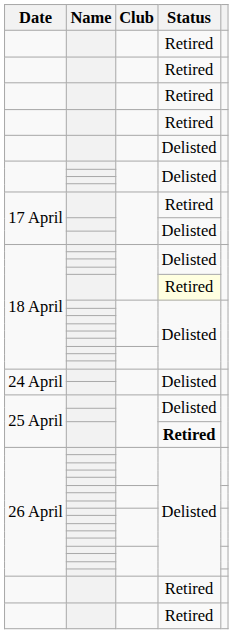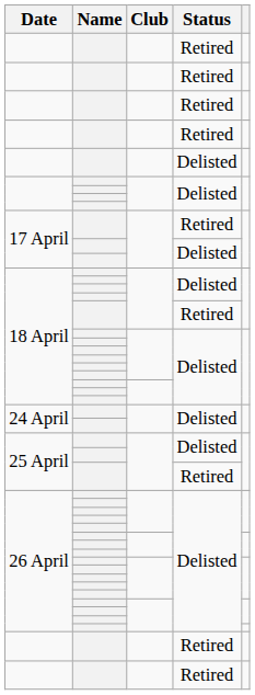 <table class="wikitable sortable plainrowheaders" style="text-align:center;">
 <tr>
 <th scope="col">Date</th>
 <th scope="col">Name</th>
 <th scope="col">Club</th>
 <th scope="col">Status</th>
 <th class="unsortable"></th>
 </tr>
 <tr>
 <td></td>
 <th scope="row"></th>
 <td></td>
 <td>Retired</td>
 <td></td>
 </tr>
 <tr>
 <td></td>
 <th scope="row"></th>
 <td></td>
 <td>Retired</td>
 <td></td>
 </tr>
 <tr>
 <td></td>
 <th scope="row"></th>
 <td></td>
 <td>Retired</td>
 <td></td>
 </tr>
 <tr>
 <td></td>
 <th scope="row"></th>
 <td></td>
 <td>Retired</td>
 <td></td>
 </tr>
 <tr>
 <td></td>
 <th scope="row"></th>
 <td></td>
 <td>Delisted</td>
 <td></td>
 </tr>
 <tr>
 <td rowspan=4></td>
 <th scope="row"></th>
 <td rowspan=4></td>
 <td rowspan=4>Delisted</td>
 <td rowspan=4></td>
 </tr>
 <tr>
 <th scope="row"></th>
 </tr>
 <tr>
 <th scope="row"></th>
 </tr>
 <tr>
 <th scope="row"></th>
 </tr>
 <tr>
 <td rowspan="3">17 April</td>
 <th scope="row"></th>
 <td rowspan="3"></td>
 <td>Retired</td>
 <td rowspan="3"></td>
 </tr>
 <tr>
 <th scope="row"></th>
 <td rowspan="2">Delisted</td>
 </tr>
 <tr>
 <th scope="row"></th>
 </tr>
 <tr>
 <td rowspan=14>18 April</td>
 <th scope="row"></th>
 <td rowspan=5></td>
 <td rowspan=4>Delisted</td>
 <td rowspan=5></td>
 </tr>
 <tr>
 <th scope="row"></th>
 </tr>
 <tr>
 <th scope="row"></th>
 </tr>
 <tr>
 <th scope="row"></th>
 </tr>
 <tr>
 <th scope="row"></th>
-<td style="background: lightyellow;">Retired</td>
+<td>Retired</td>
 </tr>
 <tr>
 <th scope="row"></th>
 <td rowspan=6></td>
 <td rowspan=9>Delisted</td>
 <td rowspan=9></td>
 </tr>
 <tr>
 <th scope="row"></th>
 </tr>
 <tr>
 <th scope="row"></th>
 </tr>
 <tr>
 <th scope="row"></th>
 </tr>
 <tr>
 <th scope="row"></th>
 </tr>
 <tr>
 <th scope="row"></th>
 </tr>
 <tr>
 <th scope="row"></th>
 <td rowspan=3></td>
 </tr>
 <tr>
 <th scope="row"></th>
 </tr>
 <tr>
 <th scope="row"></th>
 </tr>
 <tr>
 <td rowspan="2">24 April</td>
 <th scope="row"></th>
 <td rowspan="2"></td>
 <td rowspan="2">Delisted</td>
 <td rowspan="2"></td>
 </tr>
 <tr>
 <th scope="row"></th>
 </tr>
 <tr>
 <td rowspan="3">25 April</td>
 <th scope="row"></th>
 <td rowspan="3"></td>
 <td rowspan="2">Delisted</td>
 <td rowspan="3"></td>
 </tr>
 <tr>
 <th scope="row"></th>
 </tr>
 <tr>
 <th scope="row"></th>
-<td><strong>Retired</strong></td>
+<td>Retired</td>
 </tr>
 <tr>
 <td rowspan="17">26 April</td>
 <th scope="row"></th>
 <td rowspan="5"></td>
 <td rowspan="17">Delisted</td>
 <td rowspan="5"></td>
 </tr>
 <tr>
 <th scope="row"></th>
 </tr>
 <tr>
 <th scope="row"></th>
 </tr>
 <tr>
 <th scope="row"></th>
 </tr>
 <tr>
 <th scope="row"></th>
 </tr>
 <tr>
 <th scope="row"></th>
 <td rowspan="3"></td>
 <td rowspan="3"></td>
 </tr>
 <tr>
 <th scope="row"></th>
 </tr>
 <tr>
 <th scope="row"></th>
 </tr>
 <tr>
 <th scope="row"></th>
 <td rowspan="5"></td>
 <td rowspan="5"></td>
 </tr>
 <tr>
 <th scope="row"></th>
 </tr>
 <tr>
 <th scope="row"></th>
 </tr>
 <tr>
 <th scope="row"></th>
 </tr>
 <tr>
 <th scope="row"></th>
 </tr>
 <tr>
 <th scope="row"></th>
 <td rowspan="4"></td>
 <td rowspan="3"></td>
 </tr>
 <tr>
 <th scope="row"></th>
 </tr>
 <tr>
 <th scope="row"></th>
 </tr>
 <tr>
 <th scope="row"></th>
 <td></td>
 </tr>
 <tr>
 <td></td>
 <th scope="row"></th>
 <td></td>
 <td>Retired</td>
 <td></td>
 </tr>
 <tr>
 <td></td>
 <th scope="row"></th>
 <td></td>
 <td>Retired</td>
 <td></td>
 </tr>
 </table>
